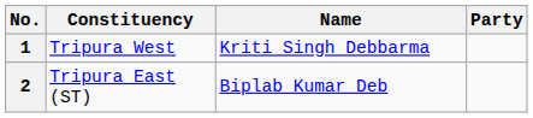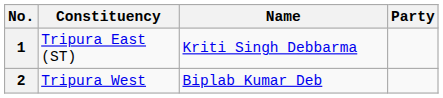 <table class="sortable wikitable">
 <tr>
 <th>No.</th>
 <th style="width:120px">Constituency</th>
 <th style="width:180px">Name</th>
 <th colspan=2>Party</th>
 </tr>
 <tr>
 <th>1</th>
-<td><a href='#'>Tripura West</a></td>
+<td><a href='#'>Tripura East</a> (ST)</td>
 <td><a href='#'>Kriti Singh Debbarma</a></td>
 <td></td>
 </tr>
 <tr>
 <th>2</th>
-<td><a href='#'>Tripura East</a> (ST)</td>
+<td><a href='#'>Tripura West</a></td>
 <td><a href='#'>Biplab Kumar Deb</a></td>
 </tr>
 </table>
